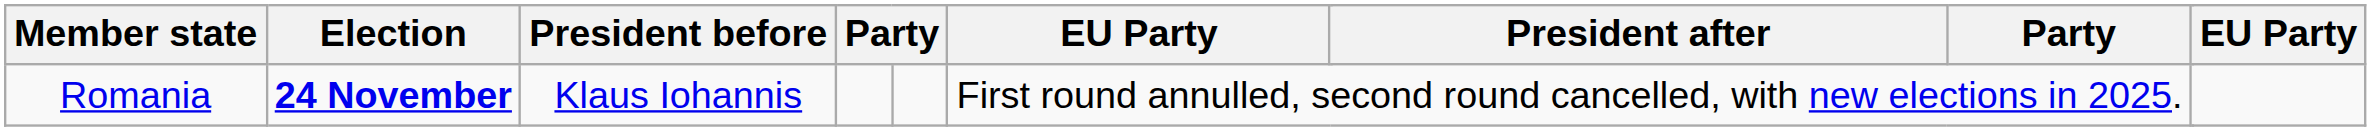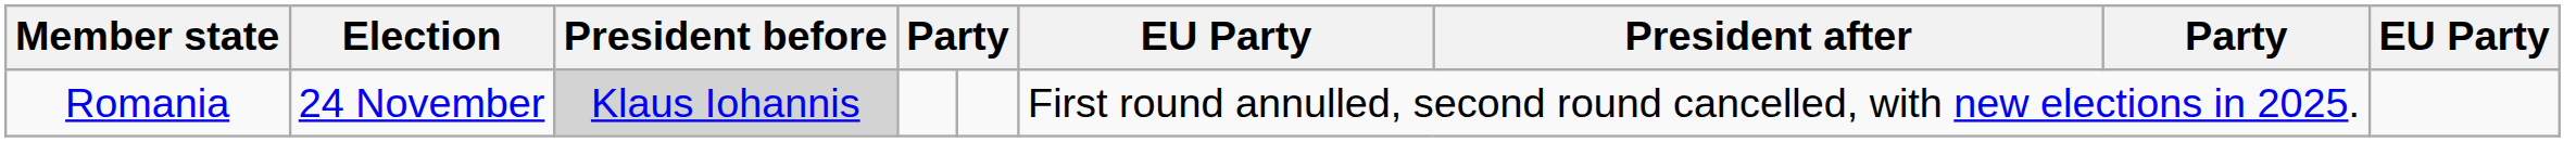 <table class="wikitable" style="text-align:center;">
 <tr>
 <th>Member state</th>
 <th>Election</th>
 <th>President before</th>
 <th colspan="2">Party</th>
 <th colspan="2">EU Party</th>
 <th>President after</th>
 <th colspan="2">Party</th>
 <th colspan="2">EU Party</th>
 </tr>
 <tr>
 <td><a href='#'>Romania</a></td>
-<td><strong><a href='#'>24 November</a></strong></td>
-<td><a href='#'>Klaus Iohannis</a></td>
+<td><a href='#'>24 November</a></td>
+<td style="background: lightgrey;"><a href='#'>Klaus Iohannis</a></td>
 <td></td>
 <td></td>
 <td colspan=5>First round annulled, second round cancelled, with <a href='#'>new elections in 2025</a>.</td>
 </tr>
 </table>
